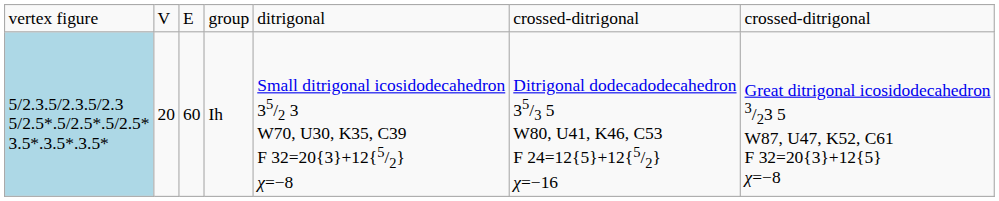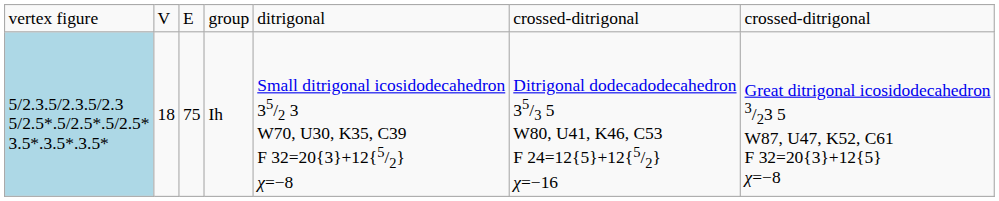 <table class="wikitable">
 <tr>
 <td>vertex figure</td>
 <td>V</td>
 <td>E</td>
 <td>group</td>
 <td>ditrigonal</td>
 <td>crossed-ditrigonal</td>
 <td>crossed-ditrigonal</td>
 </tr>
 <tr>
 <td style="background: lightblue;"><br>5/2.3.5/2.3.5/2.3<br> 5/2.5*.5/2.5*.5/2.5*<br> 3.5*.3.5*.3.5*<br></td>
-<td>20</td>
-<td>60</td>
+<td>18</td>
+<td>75</td>
 <td>Ih</td>
 <td><br><br> <a href='#'>Small ditrigonal icosidodecahedron</a><br> 3<sup>5</sup>/<sub>2</sub> 3<br> W70, U30, K35, C39<br> F 32=20{3}+12{<sup>5</sup>/<sub>2</sub>} <br><em>χ</em>=−8</td>
 <td><br><br> <a href='#'>Ditrigonal dodecadodecahedron</a><br> 3<sup>5</sup>/<sub>3</sub> 5<br> W80, U41, K46, C53<br> F 24=12{5}+12{<sup>5</sup>/<sub>2</sub>} <br><em>χ</em>=−16</td>
 <td><br><br> <a href='#'>Great ditrigonal icosidodecahedron</a><br> <sup>3</sup>/<sub>2</sub>3 5<br> W87, U47, K52, C61<br> F 32=20{3}+12{5} <br><em>χ</em>=−8</td>
 </tr>
 </table>
